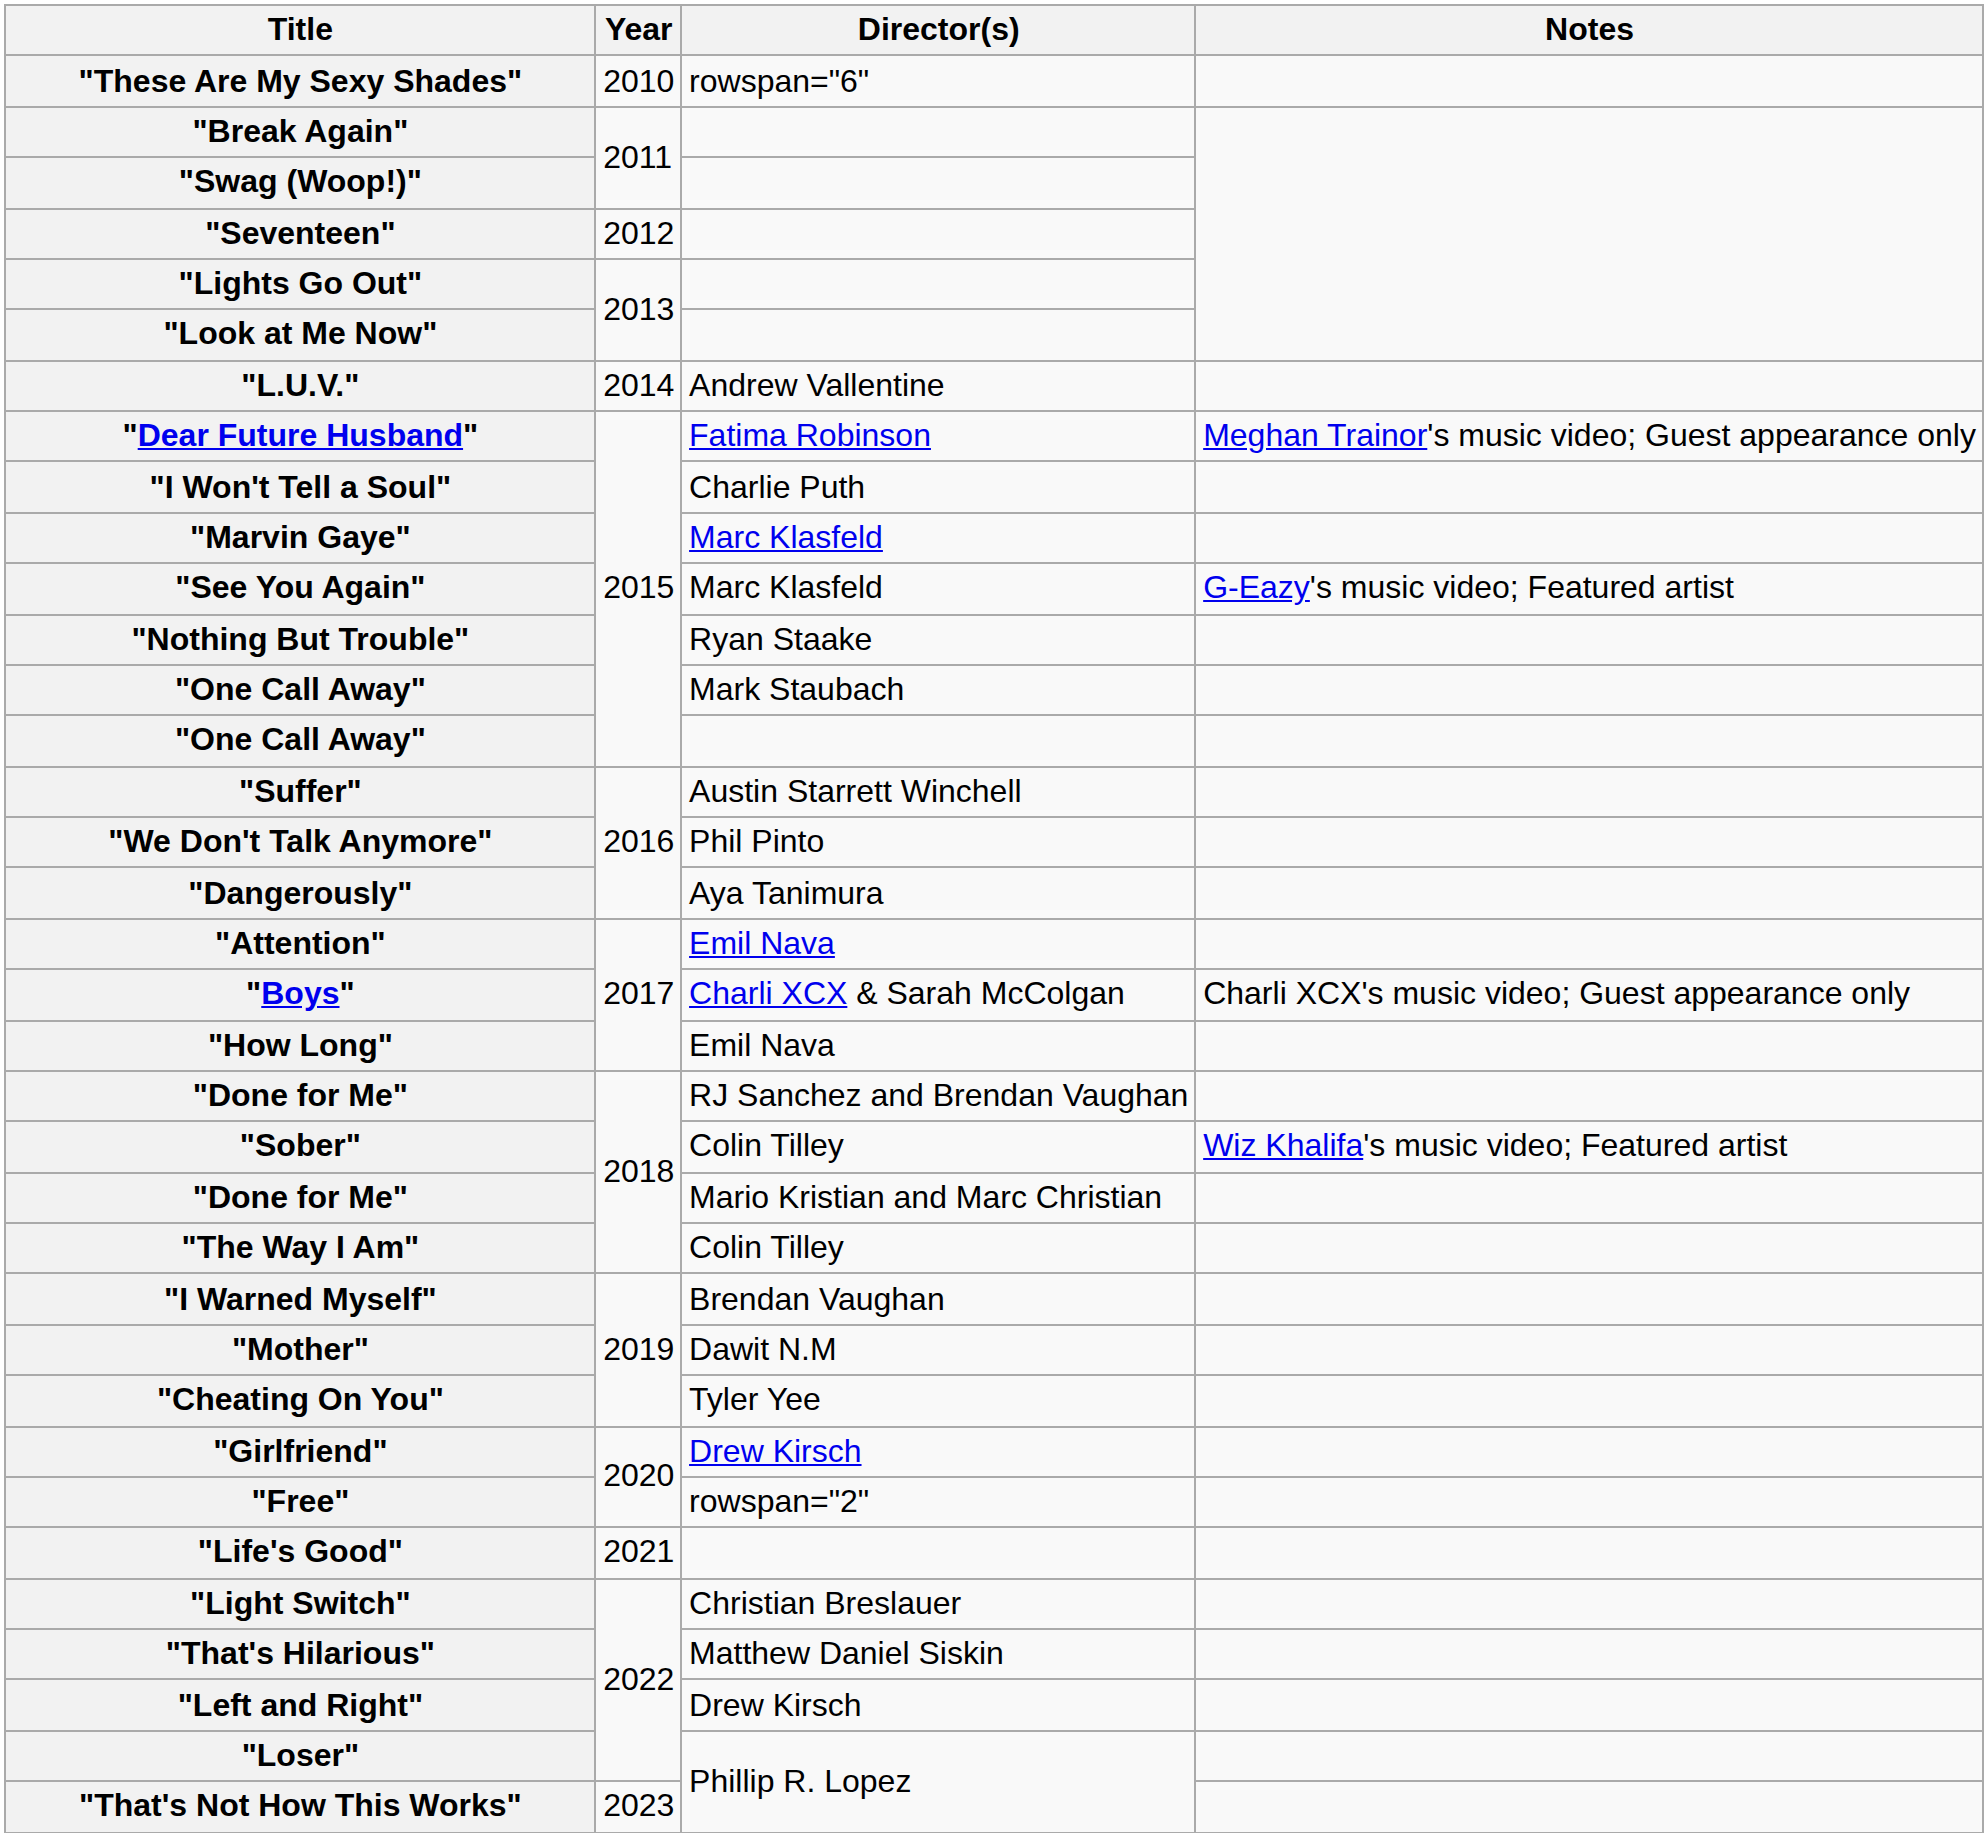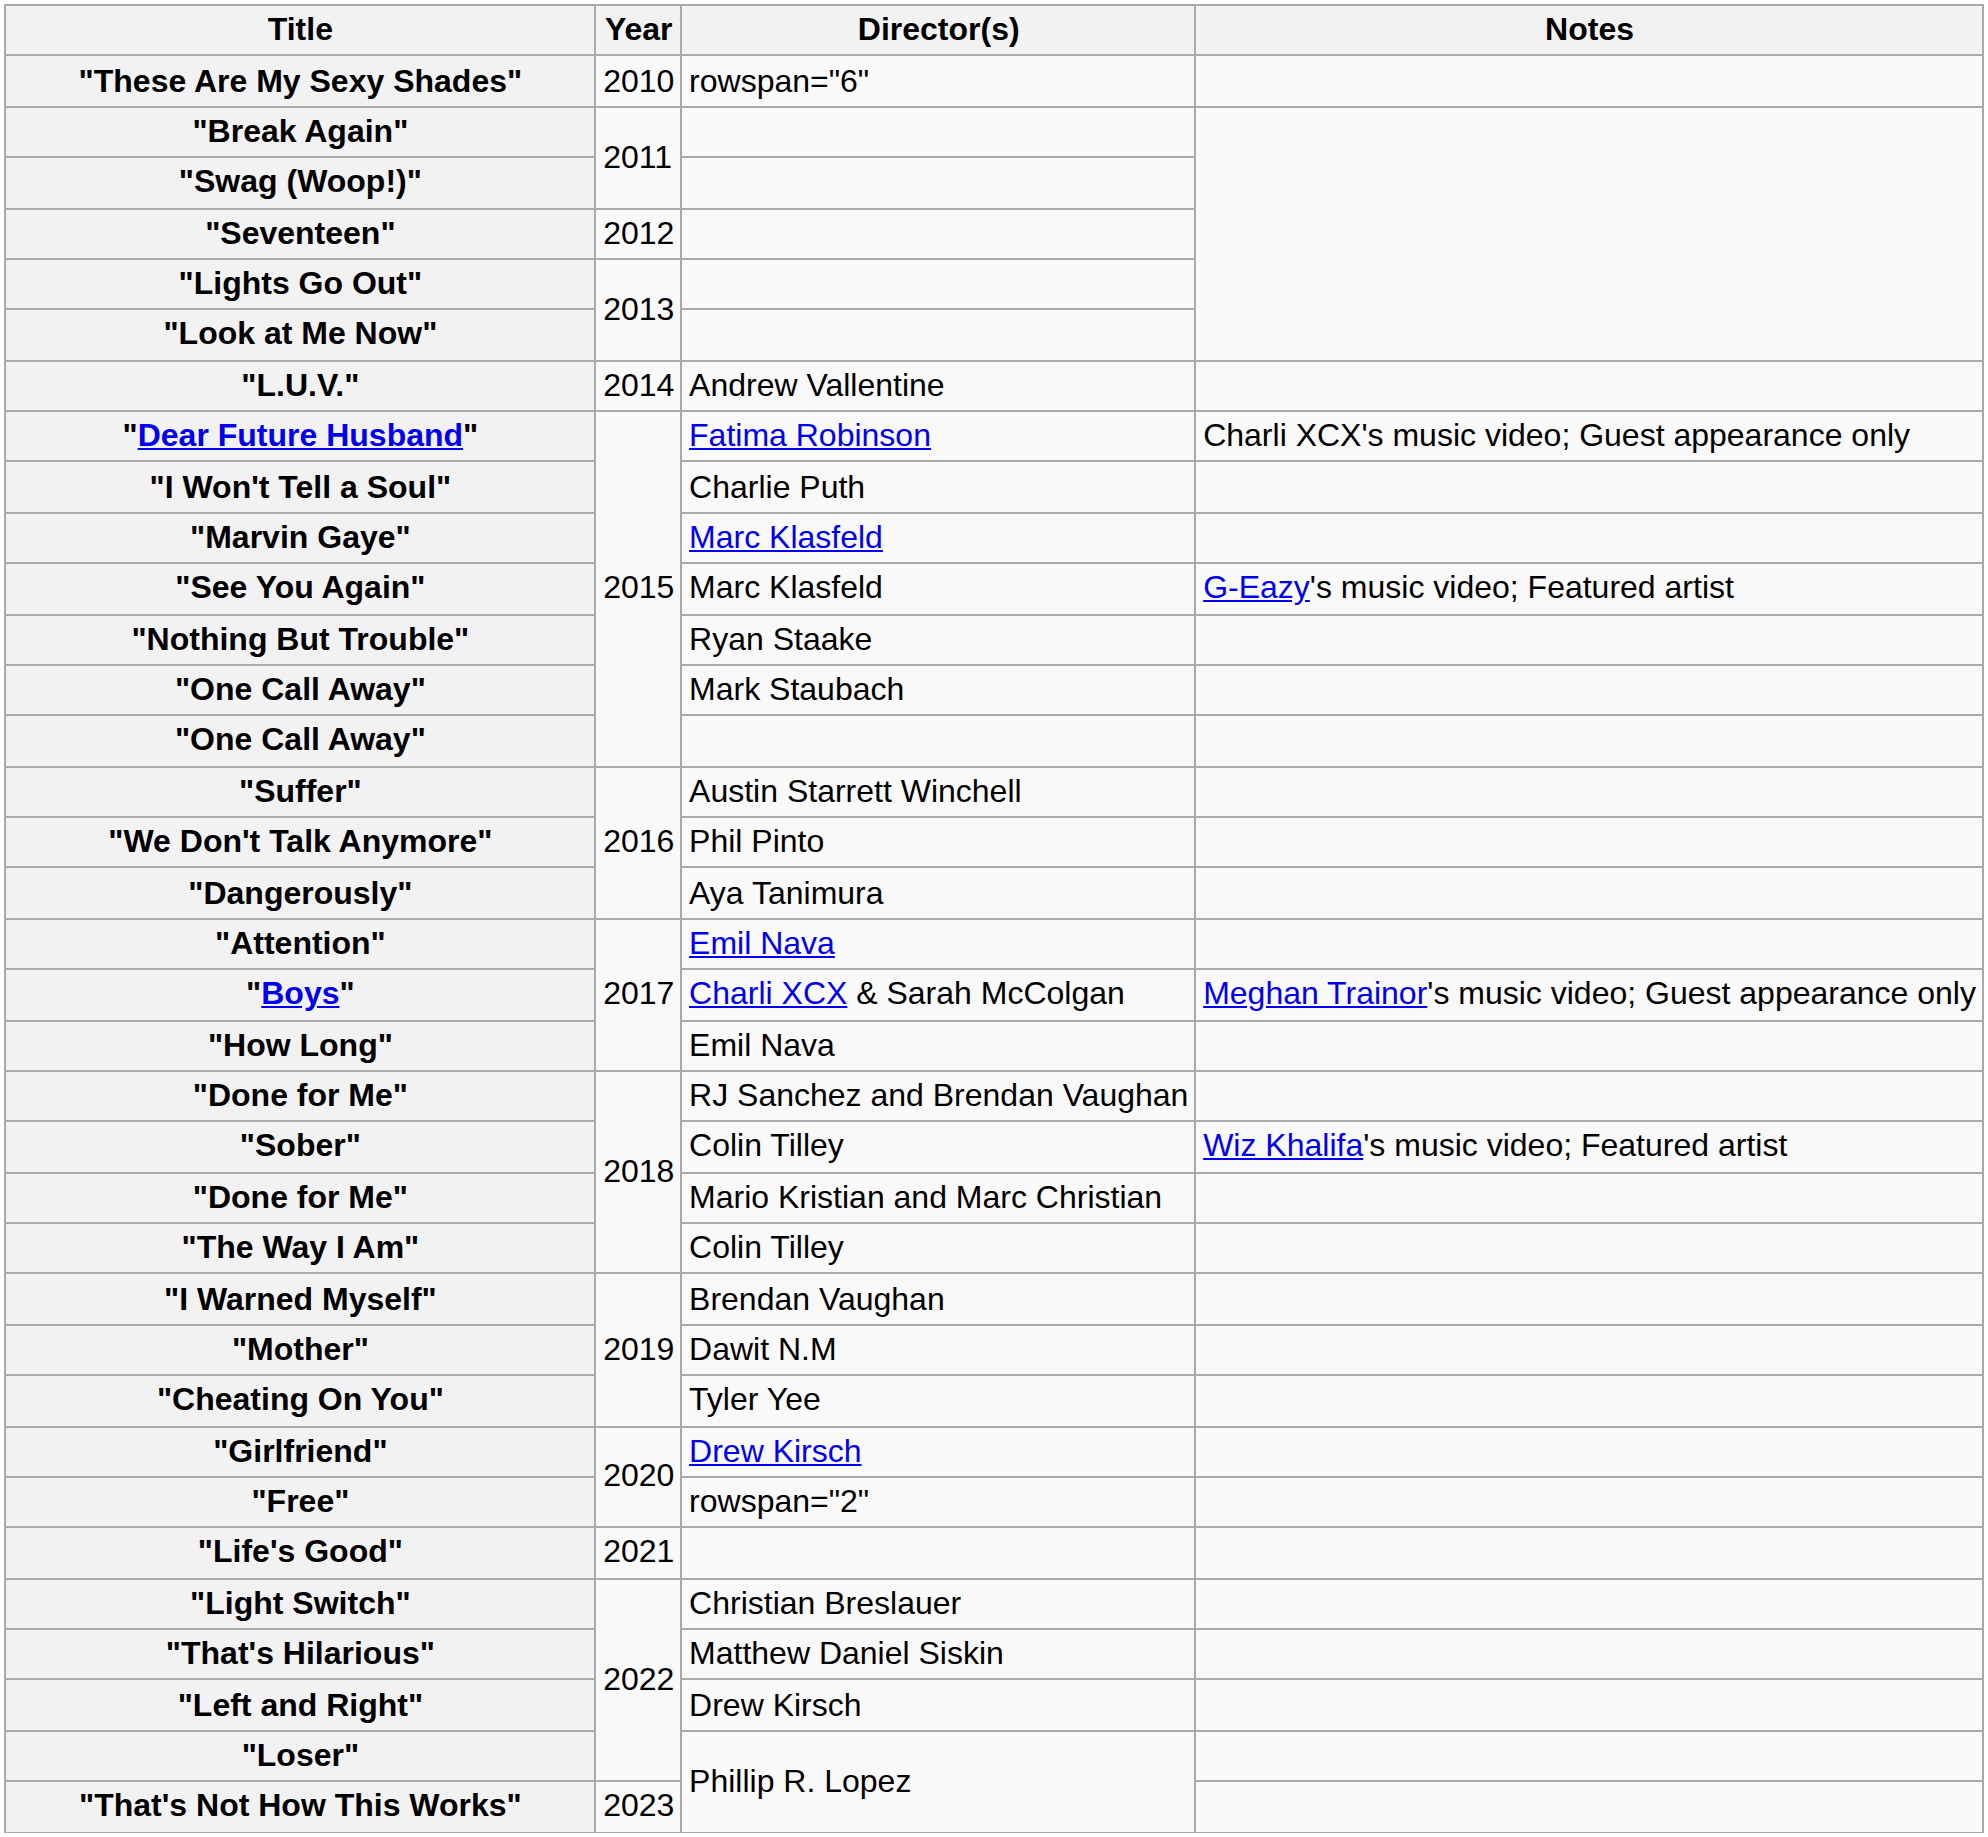 <table class="wikitable plainrowheaders">
 <tr>
 <th scope="col" style="width:18em;">Title</th>
 <th>Year</th>
 <th>Director(s)</th>
 <th>Notes</th>
 </tr>
 <tr>
 <th scope="row">"These Are My Sexy Shades"</th>
 <td>2010</td>
 <td>rowspan="6" </td>
 <td></td>
 </tr>
 <tr>
 <th scope="row">"Break Again"</th>
 <td rowspan="2">2011</td>
 <td></td>
 </tr>
 <tr>
 <th scope="row">"Swag (Woop!)"</th>
 <td></td>
 </tr>
 <tr>
 <th scope="row">"Seventeen"</th>
 <td>2012</td>
 <td></td>
 </tr>
 <tr>
 <th scope="row">"Lights Go Out"</th>
 <td rowspan="2">2013</td>
 <td></td>
 </tr>
 <tr>
 <th scope="row">"Look at Me Now"</th>
 <td></td>
 </tr>
 <tr>
 <th scope="row">"L.U.V."</th>
 <td>2014</td>
 <td>Andrew Vallentine</td>
 <td></td>
 </tr>
 <tr>
 <th scope="row">"<a href='#'>Dear Future Husband</a>"</th>
 <td rowspan="7">2015</td>
 <td><a href='#'>Fatima Robinson</a></td>
-<td><a href='#'>Meghan Trainor</a>'s music video; Guest appearance only</td>
+<td>Charli XCX's music video; Guest appearance only</td>
 </tr>
 <tr>
 <th scope="row">"I Won't Tell a Soul"</th>
 <td>Charlie Puth</td>
 <td></td>
 </tr>
 <tr>
 <th scope="row">"Marvin Gaye"</th>
 <td><a href='#'>Marc Klasfeld</a></td>
 <td></td>
 </tr>
 <tr>
 <th scope="row">"See You Again"</th>
 <td>Marc Klasfeld</td>
 <td><a href='#'>G-Eazy</a>'s music video; Featured artist</td>
 </tr>
 <tr>
 <th scope="row">"Nothing But Trouble"</th>
 <td>Ryan Staake</td>
 <td></td>
 </tr>
 <tr>
 <th scope="row">"One Call Away"</th>
 <td>Mark Staubach</td>
 <td></td>
 </tr>
 <tr>
 <th scope="row">"One Call Away" </th>
 <td></td>
 <td></td>
 </tr>
 <tr>
 <th scope="row">"Suffer" </th>
 <td rowspan="3">2016</td>
 <td>Austin Starrett Winchell</td>
 <td></td>
 </tr>
 <tr>
 <th scope="row">"We Don't Talk Anymore"</th>
 <td>Phil Pinto</td>
 <td></td>
 </tr>
 <tr>
 <th scope="row">"Dangerously"</th>
 <td>Aya Tanimura</td>
 <td></td>
 </tr>
 <tr>
 <th scope="row">"Attention"</th>
 <td rowspan="3">2017</td>
 <td><a href='#'>Emil Nava</a></td>
 <td></td>
 </tr>
 <tr>
 <th scope="row">"<a href='#'>Boys</a>"</th>
 <td><a href='#'>Charli XCX</a> & Sarah McColgan</td>
-<td>Charli XCX's music video; Guest appearance only</td>
+<td><a href='#'>Meghan Trainor</a>'s music video; Guest appearance only</td>
 </tr>
 <tr>
 <th scope="row">"How Long"</th>
 <td>Emil Nava</td>
 <td></td>
 </tr>
 <tr>
 <th scope="row">"Done for Me"</th>
 <td rowspan="4">2018</td>
 <td>RJ Sanchez and Brendan Vaughan</td>
 <td></td>
 </tr>
 <tr>
 <th scope="row">"Sober"</th>
 <td>Colin Tilley</td>
 <td><a href='#'>Wiz Khalifa</a>'s music video; Featured artist</td>
 </tr>
 <tr>
 <th scope="row">"Done for Me" </th>
 <td>Mario Kristian and Marc Christian</td>
 <td></td>
 </tr>
 <tr>
 <th scope="row">"The Way I Am"</th>
 <td>Colin Tilley</td>
 <td></td>
 </tr>
 <tr>
 <th scope="row">"I Warned Myself"</th>
 <td rowspan="3">2019</td>
 <td>Brendan Vaughan</td>
 <td></td>
 </tr>
 <tr>
 <th scope="row">"Mother"</th>
 <td>Dawit N.M</td>
 <td></td>
 </tr>
 <tr>
 <th scope="row">"Cheating On You"</th>
 <td>Tyler Yee</td>
 <td></td>
 </tr>
 <tr>
 <th scope="row">"Girlfriend"</th>
 <td rowspan="2">2020</td>
 <td><a href='#'>Drew Kirsch</a></td>
 <td></td>
 </tr>
 <tr>
 <th scope="row">"Free"</th>
 <td>rowspan="2" </td>
 <td></td>
 </tr>
 <tr>
 <th scope="row">"Life's Good"</th>
 <td>2021</td>
 <td></td>
 </tr>
 <tr>
 <th scope="row">"Light Switch"</th>
 <td rowspan="4">2022</td>
 <td>Christian Breslauer</td>
 <td></td>
 </tr>
 <tr>
 <th scope="row">"That's Hilarious"</th>
 <td>Matthew Daniel Siskin</td>
 <td></td>
 </tr>
 <tr>
 <th scope="row">"Left and Right"</th>
 <td>Drew Kirsch</td>
 <td></td>
 </tr>
 <tr>
 <th scope="row">"Loser"</th>
 <td rowspan="2">Phillip R. Lopez</td>
 <td></td>
 </tr>
 <tr>
 <th scope="row">"That's Not How This Works"</th>
 <td>2023</td>
 <td></td>
 </tr>
 <tr>
 </tr>
 </table>
